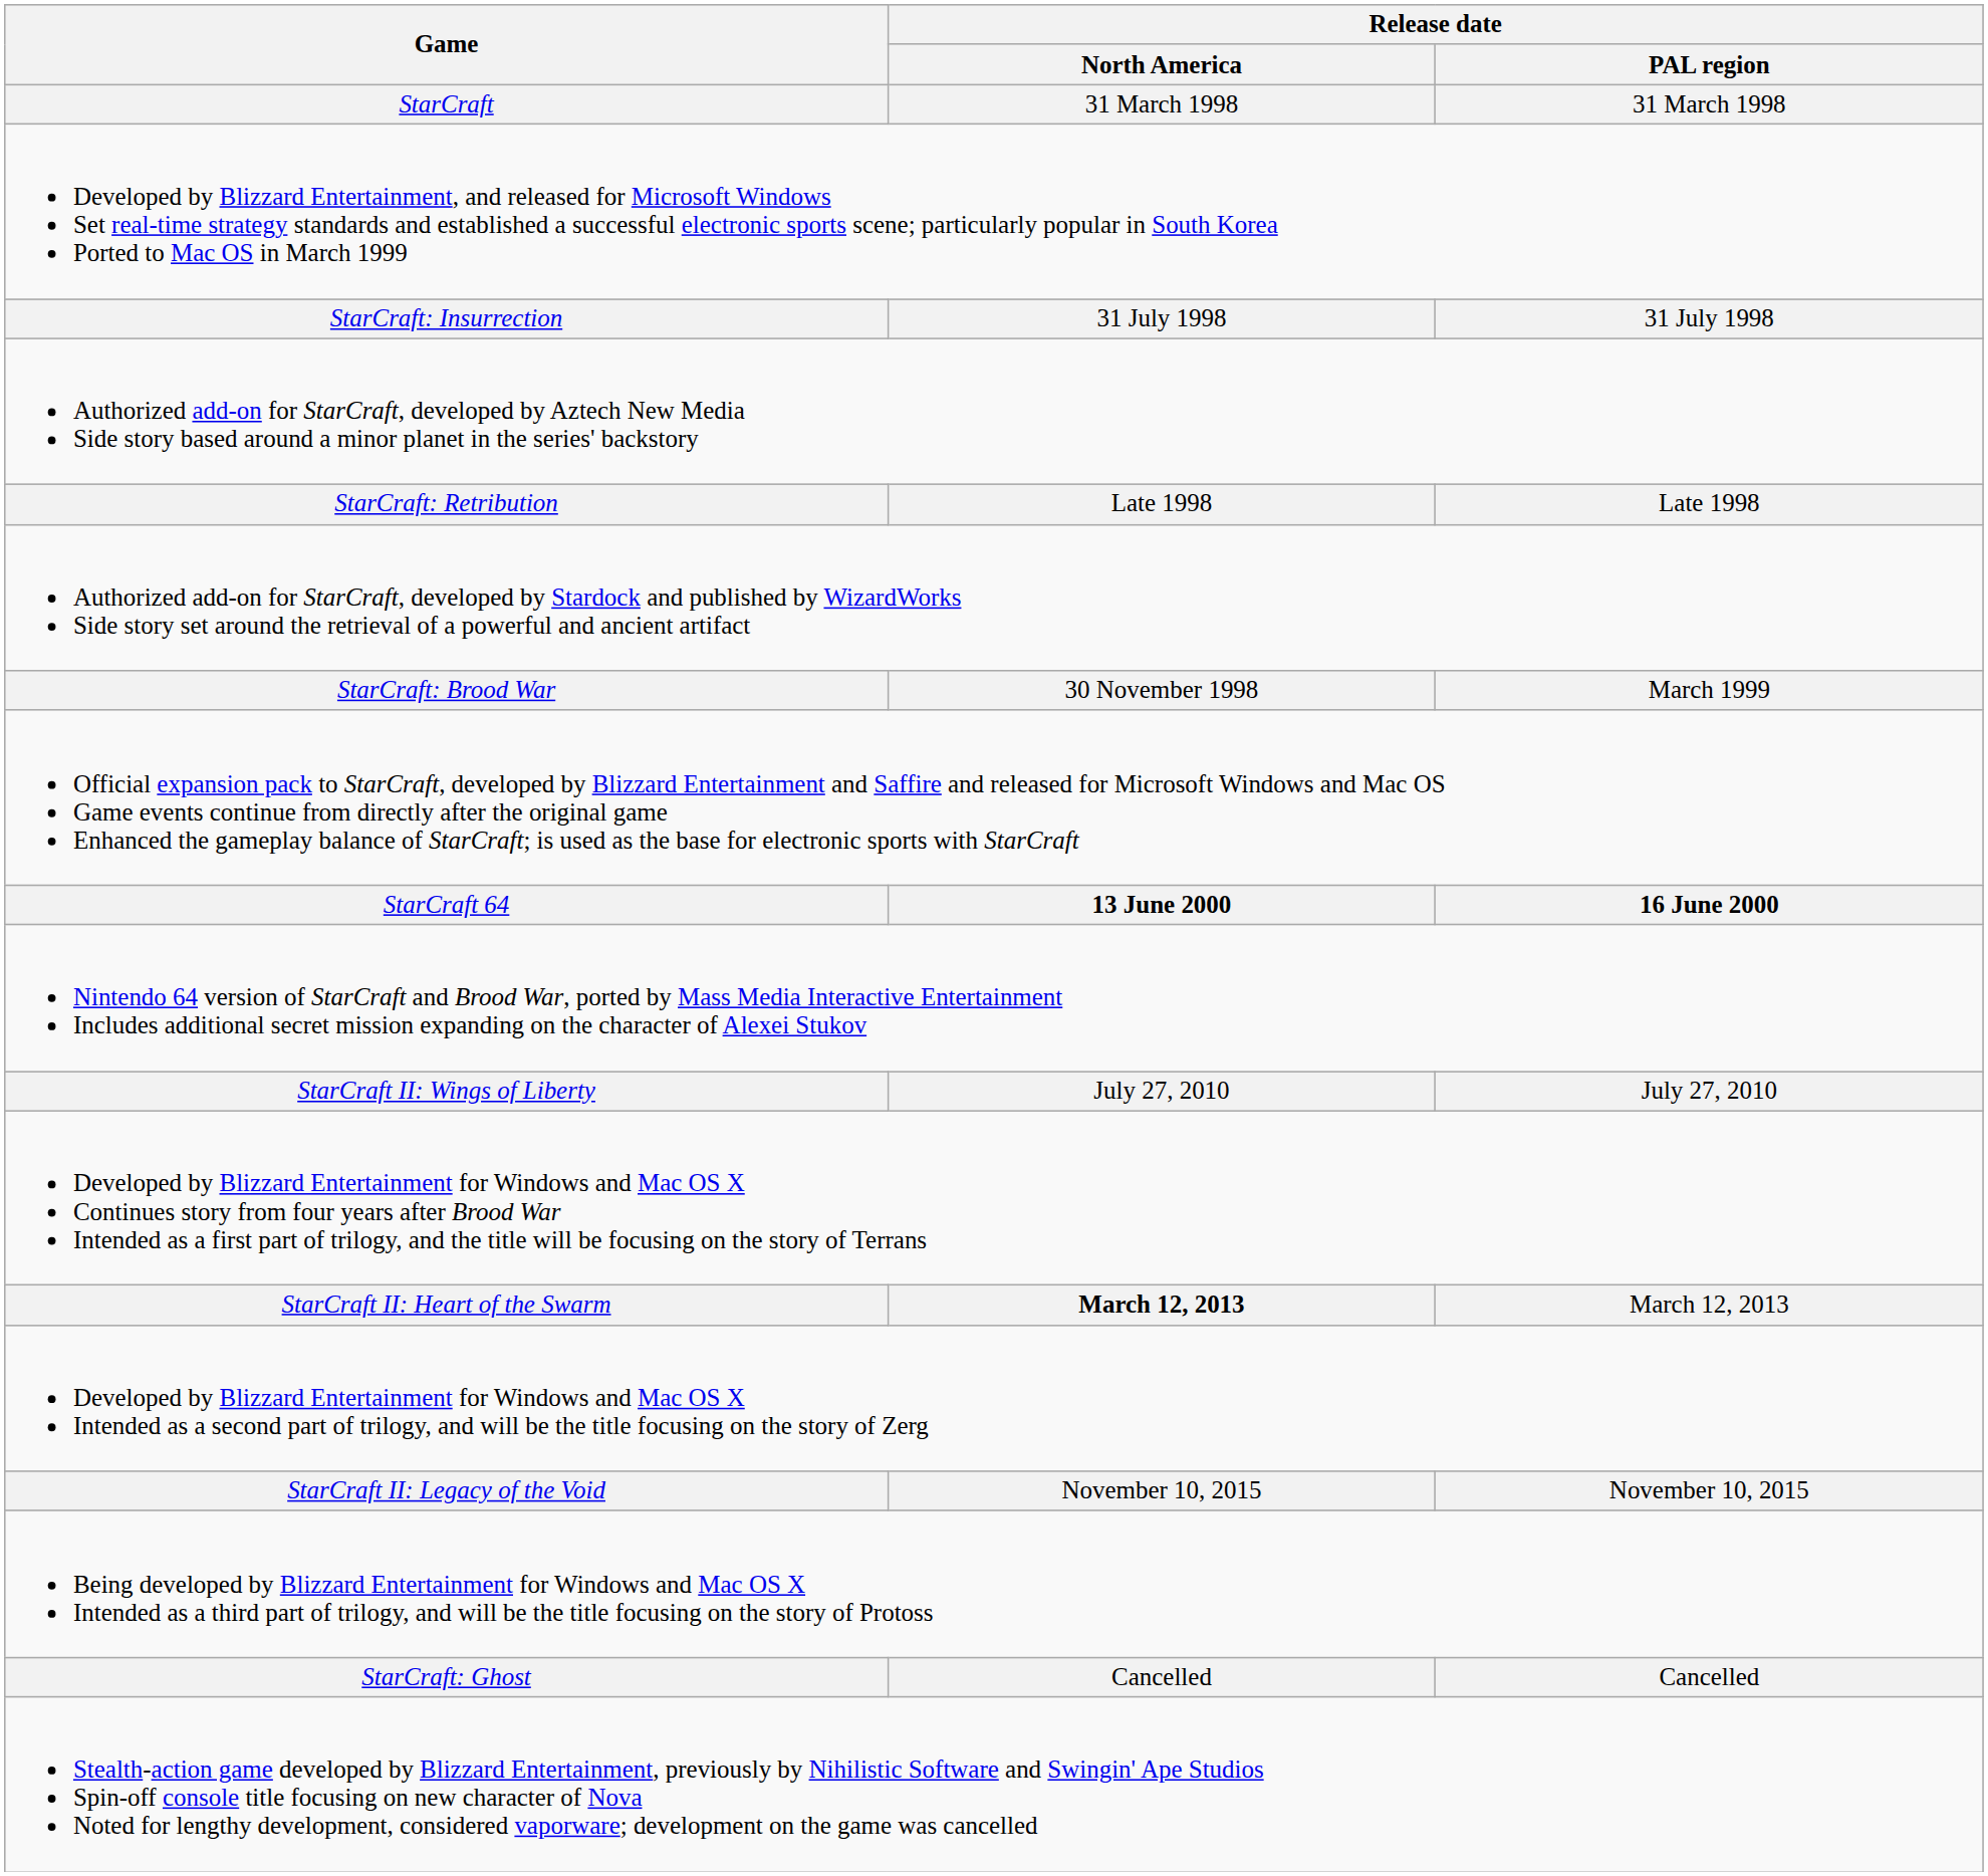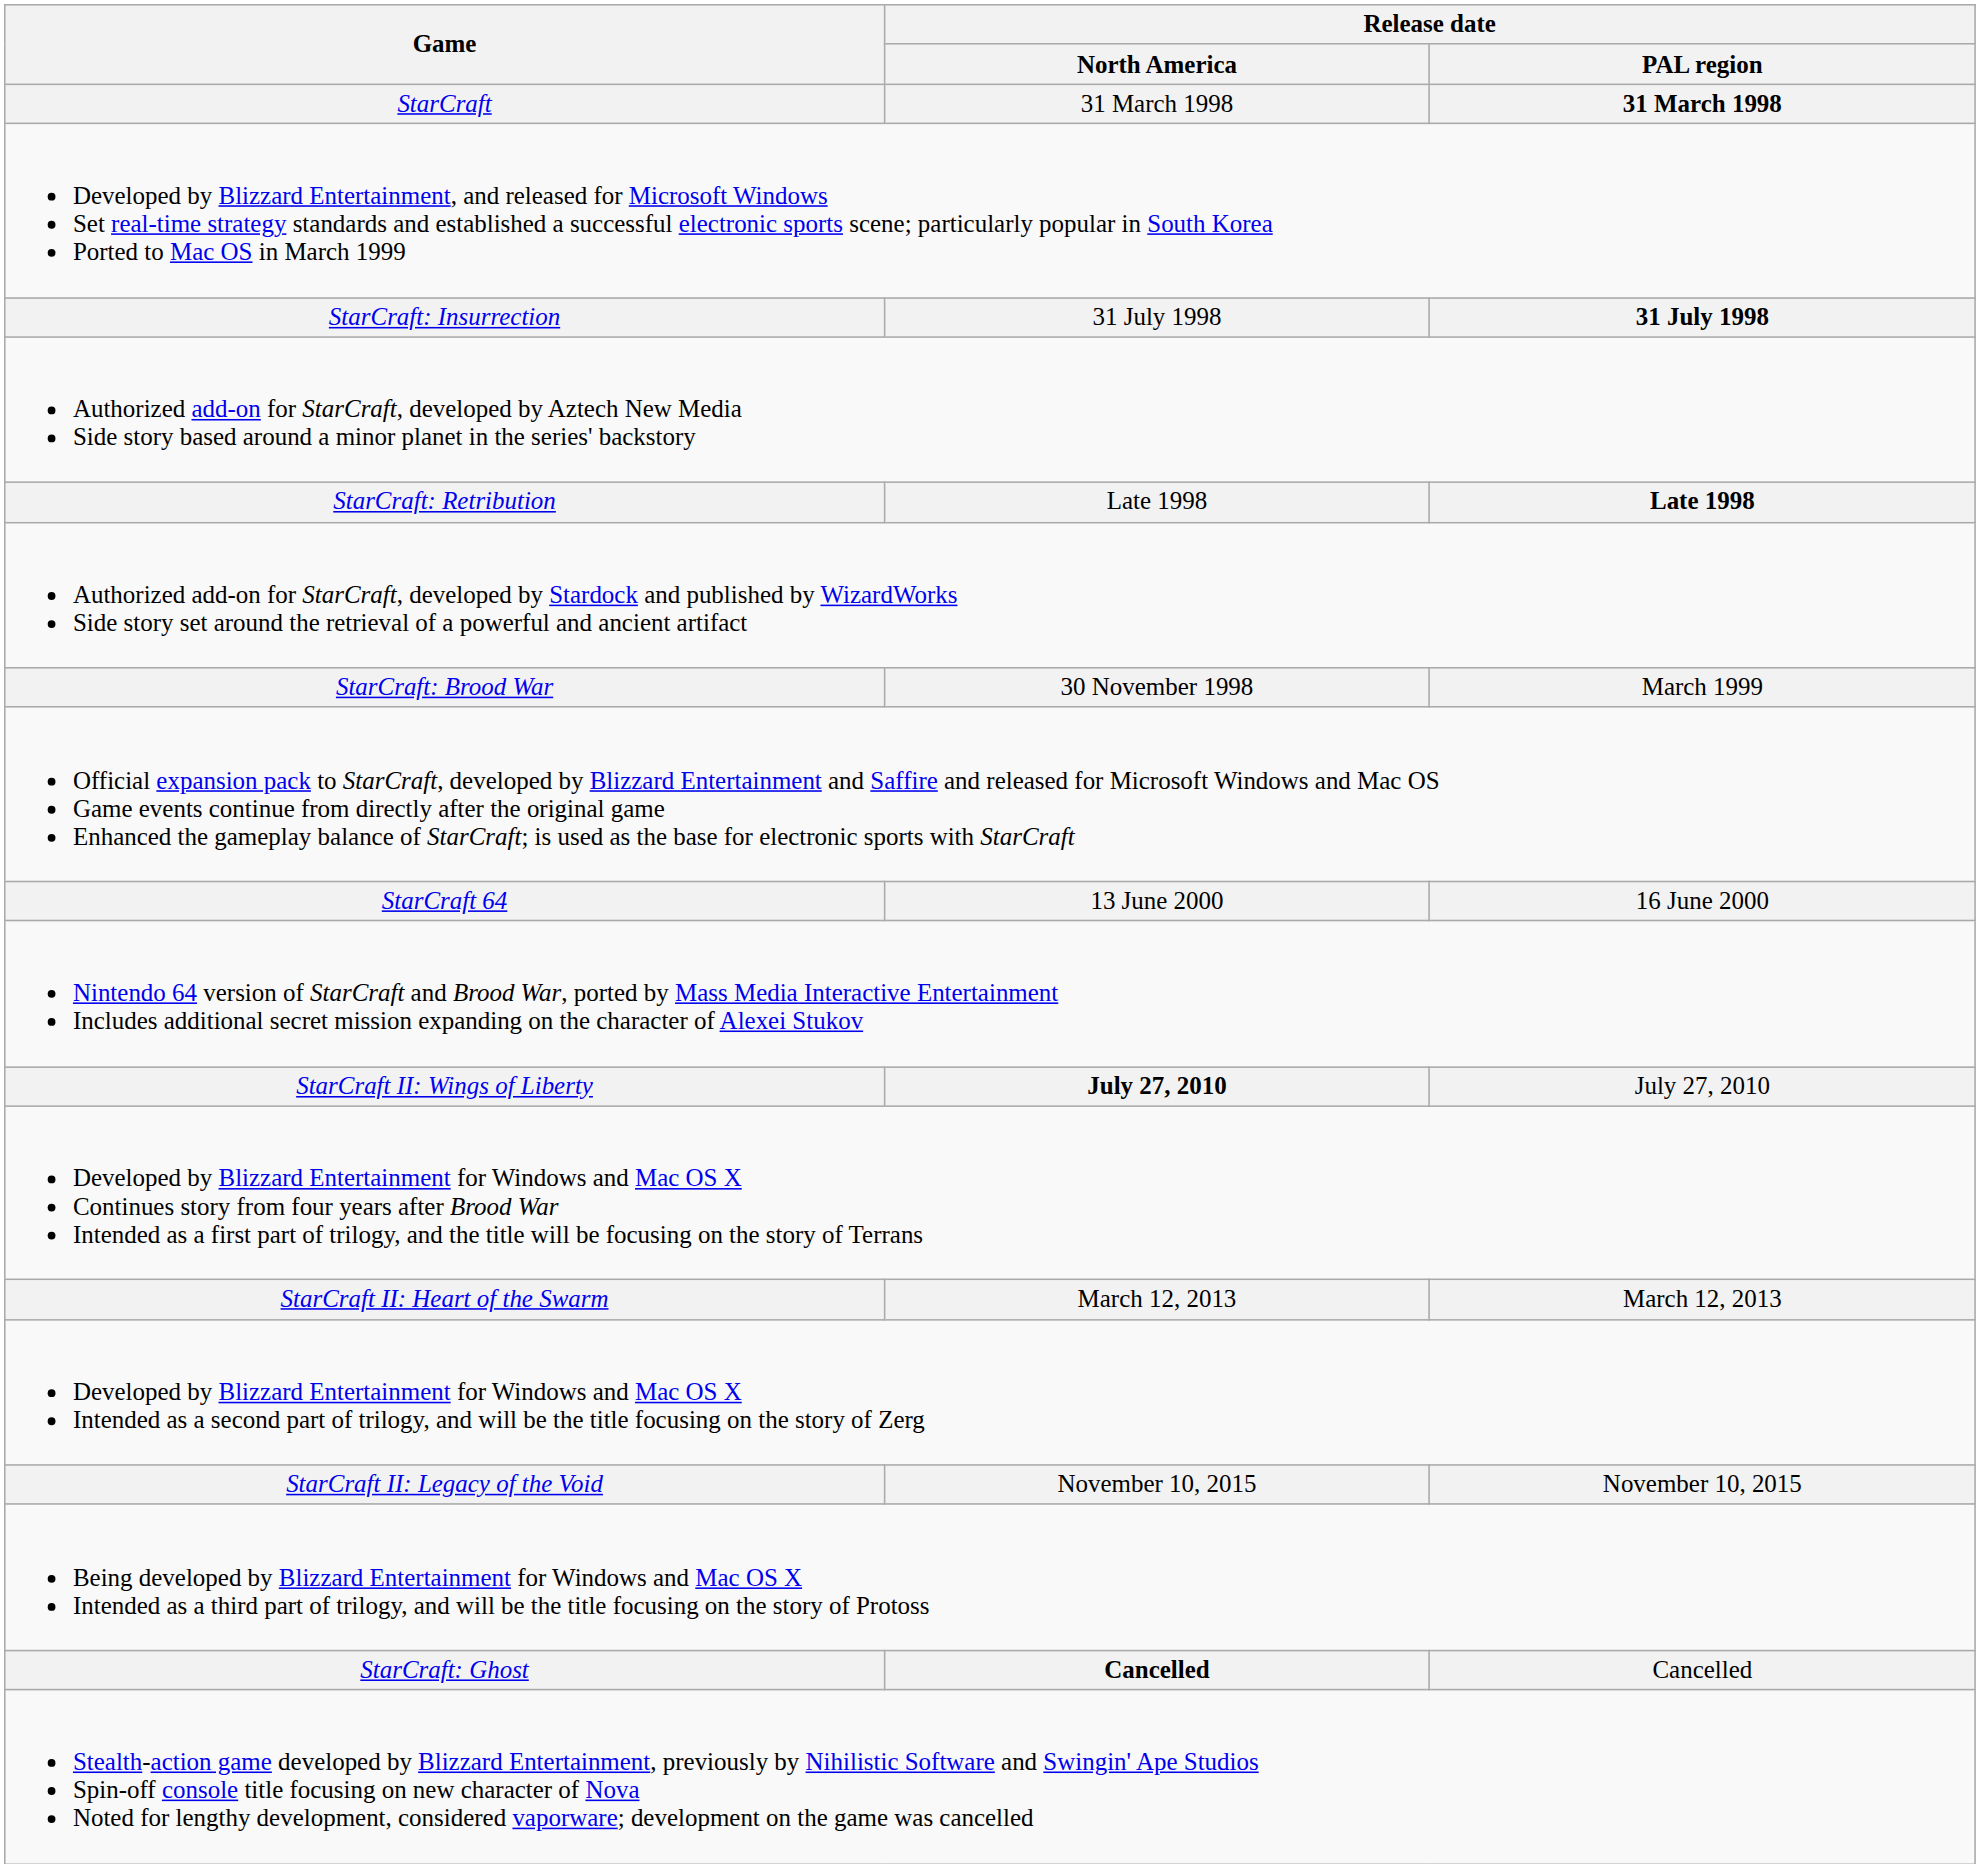 <table class="wikitable" width="100%">
 <tr style="text-align: center;">
 <th rowspan="2">Game</th>
 <th colspan="3">Release date</th>
 </tr>
 <tr>
 <th>North America</th>
 <th>PAL region</th>
 </tr>
 <tr bgcolor="#F2F2F2" align="center">
 <td><em><a href='#'>StarCraft</a></em></td>
 <td>31 March 1998</td>
-<td>31 March 1998</td>
+<td><strong>31 March 1998</strong></td>
 </tr>
 <tr>
 <td colspan="5" style="border: none; vertical-align: top;"><br><ul><li>Developed by <a href='#'>Blizzard Entertainment</a>, and released for <a href='#'>Microsoft Windows</a></li><li>Set <a href='#'>real-time strategy</a> standards and established a successful <a href='#'>electronic sports</a> scene; particularly popular in <a href='#'>South Korea</a></li><li>Ported to <a href='#'>Mac OS</a> in March 1999</li></ul></td>
 </tr>
 <tr bgcolor="#F2F2F2" align="center">
 <td><em><a href='#'>StarCraft: Insurrection</a></em></td>
 <td>31 July 1998</td>
-<td>31 July 1998</td>
+<td><strong>31 July 1998</strong></td>
 </tr>
 <tr>
 <td colspan="5" style="border: none; vertical-align: top;"><br><ul><li>Authorized <a href='#'>add-on</a> for <em>StarCraft</em>, developed by Aztech New Media</li><li>Side story based around a minor planet in the series' backstory</li></ul></td>
 </tr>
 <tr bgcolor="#F2F2F2" align="center">
 <td><em><a href='#'>StarCraft: Retribution</a></em></td>
 <td>Late 1998</td>
-<td>Late 1998</td>
+<td><strong>Late 1998</strong></td>
 </tr>
 <tr>
 <td colspan="5" style="border: none; vertical-align: top;"><br><ul><li>Authorized add-on for <em>StarCraft</em>, developed by <a href='#'>Stardock</a> and published by <a href='#'>WizardWorks</a></li><li>Side story set around the retrieval of a powerful and ancient artifact</li></ul></td>
 </tr>
 <tr bgcolor="#F2F2F2" align="center">
 <td><em><a href='#'>StarCraft: Brood War</a></em></td>
 <td>30 November 1998</td>
 <td>March 1999</td>
 </tr>
 <tr>
 <td colspan="5" style="border: none; vertical-align: top;"><br><ul><li>Official <a href='#'>expansion pack</a> to <em>StarCraft</em>, developed by <a href='#'>Blizzard Entertainment</a> and <a href='#'>Saffire</a> and released for Microsoft Windows and Mac OS</li><li>Game events continue from directly after the original game</li><li>Enhanced the gameplay balance of <em>StarCraft</em>; is used as the base for electronic sports with <em>StarCraft</em></li></ul></td>
 </tr>
 <tr bgcolor="#F2F2F2" align="center">
 <td><em><a href='#'>StarCraft 64</a></em></td>
-<td><strong>13 June 2000</strong></td>
-<td><strong>16 June 2000</strong></td>
+<td>13 June 2000</td>
+<td>16 June 2000</td>
 </tr>
 <tr>
 <td colspan="5" style="border: none; vertical-align: top;"><br><ul><li><a href='#'>Nintendo 64</a> version of <em>StarCraft</em> and <em>Brood War</em>, ported by <a href='#'>Mass Media Interactive Entertainment</a></li><li>Includes additional secret mission expanding on the character of <a href='#'>Alexei Stukov</a></li></ul></td>
 </tr>
 <tr bgcolor="#F2F2F2" align="center">
 <td><em><a href='#'>StarCraft II: Wings of Liberty</a></em></td>
-<td>July 27, 2010</td>
+<td><strong>July 27, 2010</strong></td>
 <td>July 27, 2010</td>
 </tr>
 <tr>
 <td colspan="5" style="border: none; vertical-align: top;"><br><ul><li>Developed by <a href='#'>Blizzard Entertainment</a> for Windows and <a href='#'>Mac OS X</a></li><li>Continues story from four years after <em>Brood War</em></li><li>Intended as a first part of trilogy, and the title will be focusing on the story of Terrans</li></ul></td>
 </tr>
 <tr bgcolor="#F2F2F2" align="center">
 <td><em><a href='#'>StarCraft II: Heart of the Swarm</a></em></td>
-<td><strong>March 12, 2013</strong></td>
+<td>March 12, 2013</td>
 <td>March 12, 2013</td>
 </tr>
 <tr>
 <td colspan="5" style="border: none; vertical-align: top;"><br><ul><li>Developed by <a href='#'>Blizzard Entertainment</a> for Windows and <a href='#'>Mac OS X</a></li><li>Intended as a second part of trilogy, and will be the title focusing on the story of Zerg</li></ul></td>
 </tr>
 <tr bgcolor="#F2F2F2" align="center">
 <td><em><a href='#'>StarCraft II: Legacy of the Void</a></em></td>
 <td>November 10, 2015</td>
 <td>November 10, 2015</td>
 </tr>
 <tr>
 <td colspan="5" style="border: none; vertical-align: top;"><br><ul><li>Being developed by <a href='#'>Blizzard Entertainment</a> for Windows and <a href='#'>Mac OS X</a></li><li>Intended as a third part of trilogy, and will be the title focusing on the story of Protoss</li></ul></td>
 </tr>
 <tr bgcolor="#F2F2F2" align="center">
 <td><em><a href='#'>StarCraft: Ghost</a></em></td>
-<td>Cancelled</td>
+<td><strong>Cancelled</strong></td>
 <td>Cancelled</td>
 </tr>
 <tr>
 <td colspan="5" style="border: none; vertical-align: top;"><br><ul><li><a href='#'>Stealth</a>-<a href='#'>action game</a> developed by <a href='#'>Blizzard Entertainment</a>, previously by <a href='#'>Nihilistic Software</a> and <a href='#'>Swingin' Ape Studios</a></li><li>Spin-off <a href='#'>console</a> title focusing on new character of <a href='#'>Nova</a></li><li>Noted for lengthy development, considered <a href='#'>vaporware</a>; development on the game was cancelled</li></ul></td>
 </tr>
 </table>
